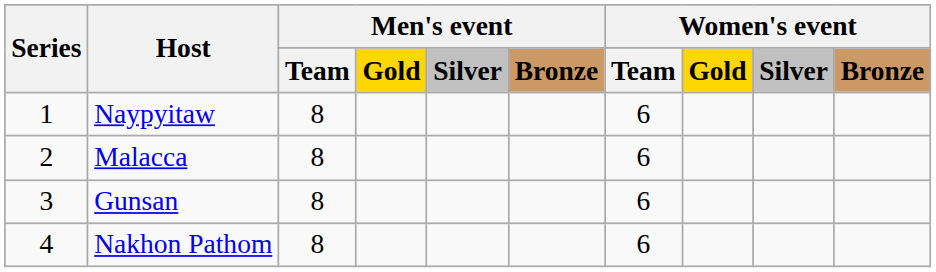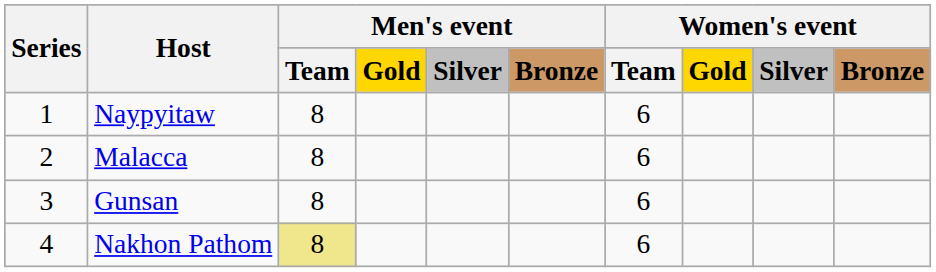 <table class="wikitable" style= "text-align: center">
 <tr>
 <th rowspan=2>Series</th>
 <th rowspan=2>Host</th>
 <th colspan=4>Men's event</th>
 <th colspan=4>Women's event</th>
 </tr>
 <tr>
 <th>Team</th>
 <th style="background: #ffd700">Gold</th>
 <th style="background: #c0c0c0">Silver</th>
 <th style="background: #cc9966">Bronze</th>
 <th>Team</th>
 <th style="background: #ffd700">Gold</th>
 <th style="background: #c0c0c0">Silver</th>
 <th style="background: #cc9966">Bronze</th>
 </tr>
 <tr>
 <td>1</td>
 <td align=left> <a href='#'>Naypyitaw</a></td>
 <td>8</td>
 <td></td>
 <td></td>
 <td></td>
 <td>6</td>
 <td></td>
 <td></td>
 <td></td>
 </tr>
 <tr>
 <td>2</td>
 <td align=left> <a href='#'>Malacca</a></td>
 <td>8</td>
 <td></td>
 <td></td>
 <td></td>
 <td>6</td>
 <td></td>
 <td></td>
 <td></td>
 </tr>
 <tr>
 <td>3</td>
 <td align=left> <a href='#'>Gunsan</a></td>
 <td>8</td>
 <td></td>
 <td></td>
 <td></td>
 <td>6</td>
 <td></td>
 <td></td>
 <td></td>
 </tr>
 <tr>
 <td>4</td>
 <td align=left> <a href='#'>Nakhon Pathom</a></td>
-<td>8</td>
+<td style="background: khaki;">8</td>
 <td></td>
 <td></td>
 <td></td>
 <td>6</td>
 <td></td>
 <td></td>
 <td></td>
 </tr>
 </table>
